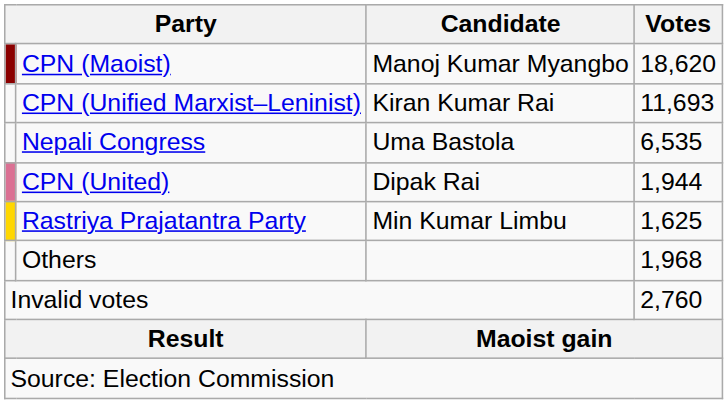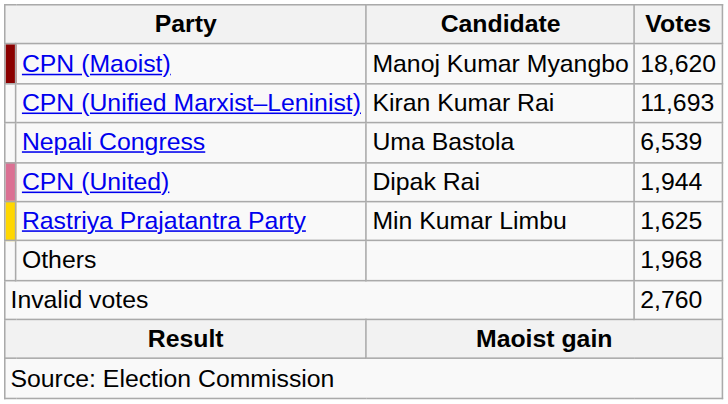 <table class="wikitable">
 <tr>
 <th colspan="2">Party</th>
 <th>Candidate</th>
 <th>Votes</th>
 </tr>
 <tr>
 <td style="background-color:darkred"></td>
 <td><a href='#'>CPN (Maoist)</a></td>
 <td>Manoj Kumar Myangbo</td>
 <td>18,620</td>
 </tr>
 <tr>
 <td style="background-color:"></td>
 <td><a href='#'>CPN (Unified Marxist–Leninist)</a></td>
 <td>Kiran Kumar Rai</td>
 <td>11,693</td>
 </tr>
 <tr>
 <td style="background-color:"></td>
 <td><a href='#'>Nepali Congress</a></td>
 <td>Uma Bastola</td>
-<td>6,535</td>
+<td>6,539</td>
 </tr>
 <tr>
 <td style="background-color:palevioletred"></td>
 <td><a href='#'>CPN (United)</a></td>
 <td>Dipak Rai</td>
 <td>1,944</td>
 </tr>
 <tr>
 <td style="background-color:gold"></td>
 <td><a href='#'>Rastriya Prajatantra Party</a></td>
 <td>Min Kumar Limbu</td>
 <td>1,625</td>
 </tr>
 <tr>
 <td></td>
 <td>Others</td>
 <td></td>
 <td>1,968</td>
 </tr>
 <tr>
 <td colspan="3">Invalid votes</td>
 <td>2,760</td>
 </tr>
 <tr>
 <th colspan="2">Result</th>
 <th colspan="2">Maoist gain</th>
 </tr>
 <tr>
 <td colspan="4">Source: Election Commission</td>
 </tr>
 </table>
